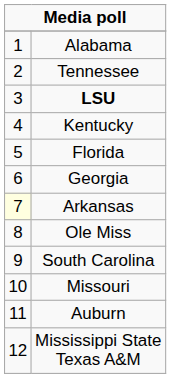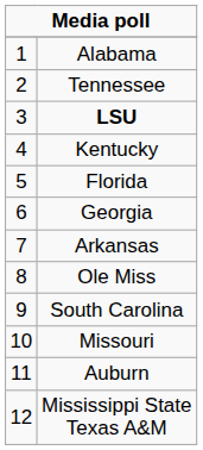 <table class="wikitable">
 <tr align="center">
 <td align="center" Colspan="3"><strong>Media poll</strong></td>
 </tr>
 <tr align="center">
 </tr>
 <tr align="center">
 <td>1</td>
 <td>Alabama</td>
 </tr>
 <tr align="center">
 <td>2</td>
 <td>Tennessee</td>
 </tr>
 <tr align="center">
 <td>3</td>
 <td><strong>LSU</strong></td>
 </tr>
 <tr align="center">
 <td>4</td>
 <td>Kentucky</td>
 </tr>
 <tr align="center">
 <td>5</td>
 <td>Florida</td>
 </tr>
 <tr align="center">
 <td>6</td>
 <td>Georgia</td>
 </tr>
 <tr align="center">
-<td style="background: lightyellow;">7</td>
+<td>7</td>
 <td>Arkansas</td>
 </tr>
 <tr align="center">
 <td>8</td>
 <td>Ole Miss</td>
 </tr>
 <tr align="center">
 <td>9</td>
 <td>South Carolina</td>
 </tr>
 <tr align="center">
 <td>10</td>
 <td>Missouri</td>
 </tr>
 <tr align="center">
 <td>11</td>
 <td>Auburn</td>
 </tr>
 <tr align="center">
 <td>12</td>
 <td>Mississippi State<br>Texas A&M</td>
 </tr>
 </table>
